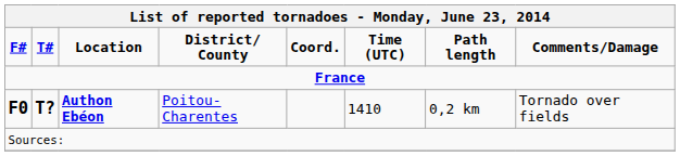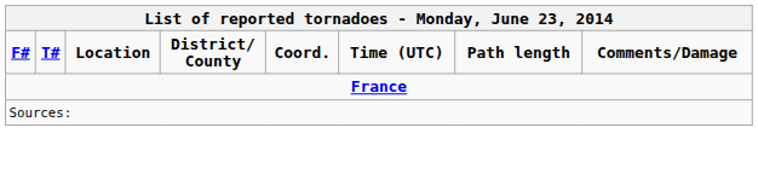 <table class="wikitable collapsible" width="100%">
 <tr>
 <th colspan="8">List of reported tornadoes - Monday, June 23, 2014</th>
 </tr>
 <tr>
 <td style="text-align: center;"><strong><a href='#'>F#</a></strong></td>
 <td style="text-align: center;"><strong><a href='#'>T#</a></strong></td>
 <td style="text-align: center;"><strong>Location</strong></td>
 <td style="text-align: center;"><strong>District/<br>County</strong></td>
 <td style="text-align: center;"><strong>Coord.</strong></td>
 <td style="text-align: center;"><strong>Time (UTC)</strong></td>
 <td style="text-align: center;"><strong>Path length</strong></td>
 <td style="text-align: center;"><strong>Comments/Damage</strong></td>
 </tr>
 <tr>
 <td colspan="8" align=center><strong><a href='#'>France</a></strong></td>
 </tr>
 <tr>
-<td><big><strong>F0</strong></big></td>
-<td><big><strong>T?</strong></big></td>
-<td><strong><a href='#'>Authon Ebéon</a></strong></td>
-<td><a href='#'>Poitou-Charentes</a></td>
-<td></td>
-<td>1410</td>
-<td>0,2 km</td>
-<td>Tornado over fields</td>
-</tr>
-<tr>
 <td colspan="8"><small>Sources:</small></td>
 </tr>
 <tr>
 </tr>
 </table>
